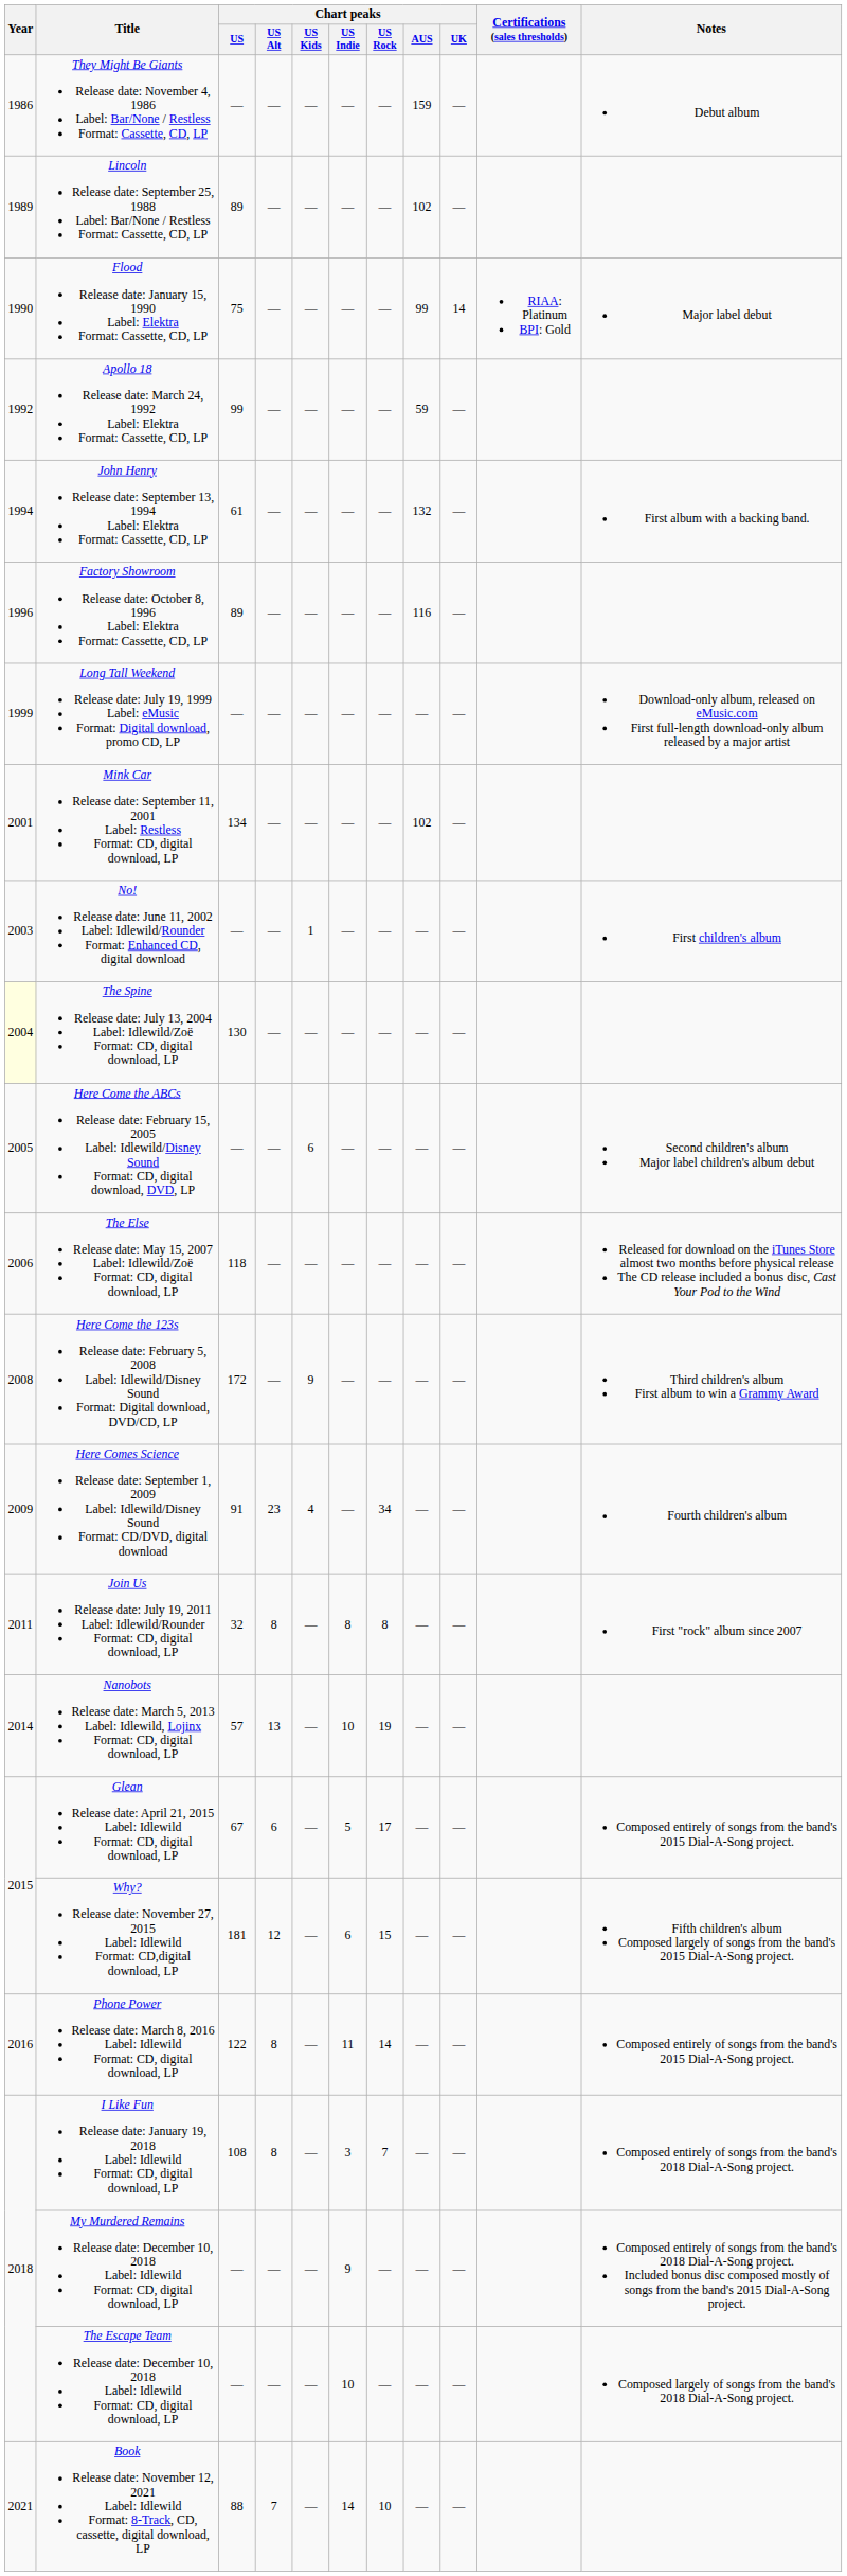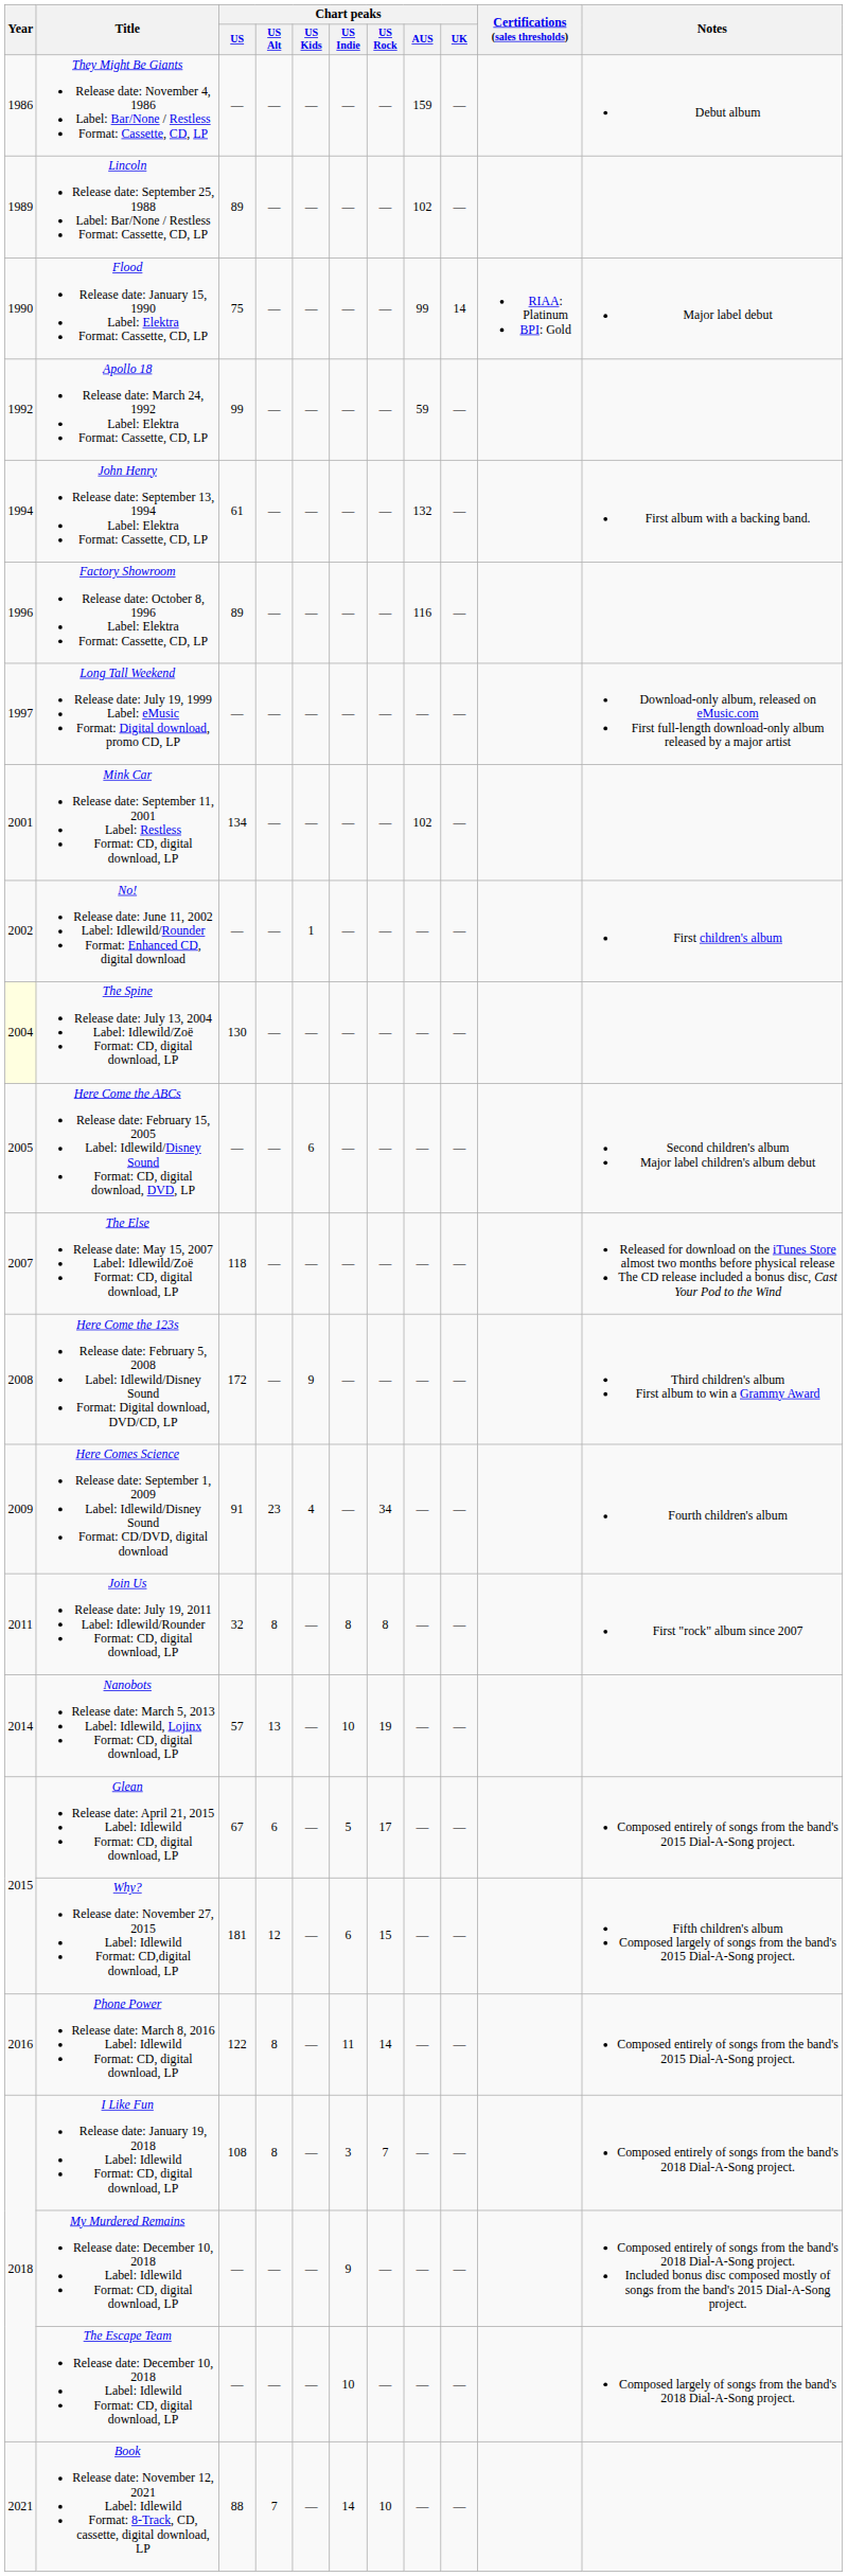 <table class="wikitable plainrowheaders" style="text-align:center;">
 <tr>
 <th rowspan="2" style="width:33px;">Year</th>
 <th rowspan="2" style="width:225px;">Title</th>
 <th colspan="7">Chart peaks</th>
 <th rowspan="2" style="width:125px;"><a href='#'>Certifications</a><br><small>(<a href='#'>sales thresholds</a>)</small></th>
 <th style="width:325px;" rowspan="2">Notes</th>
 </tr>
 <tr>
 <th style="width:3em;font-size:85%;"><a href='#'>US</a><br></th>
 <th style="width:3em;font-size:85%;"><a href='#'>US<br>Alt</a><br></th>
 <th style="width:3em;font-size:85%;"><a href='#'>US Kids</a><br></th>
 <th style="width:3em;font-size:85%;"><a href='#'>US Indie</a><br></th>
 <th style="width:3em;font-size:85%;"><a href='#'>US<br>Rock</a><br></th>
 <th style="width:3em;font-size:85%;"><a href='#'>AUS</a><br></th>
 <th style="width:3em;font-size:85%;"><a href='#'>UK</a><br></th>
 </tr>
 <tr>
 <td style="text-align:center;">1986</td>
 <td><em><a href='#'>They Might Be Giants</a></em><br><ul><li>Release date: November 4, 1986</li><li>Label: <a href='#'>Bar/None</a> / <a href='#'>Restless</a></li><li>Format: <a href='#'>Cassette</a>, <a href='#'>CD</a>, <a href='#'>LP</a></li></ul></td>
 <td style="text-align:center;">—</td>
 <td style="text-align:center;">—</td>
 <td style="text-align:center;">—</td>
 <td style="text-align:center;">—</td>
 <td style="text-align:center;">—</td>
 <td style="text-align:center;">159</td>
 <td style="text-align:center;">—</td>
 <td></td>
 <td><br><ul><li>Debut album</li></ul></td>
 </tr>
 <tr>
 <td style="text-align:center;">1989</td>
 <td><em><a href='#'>Lincoln</a></em><br><ul><li>Release date: September 25, 1988</li><li>Label: Bar/None / Restless</li><li>Format: Cassette, CD, LP</li></ul></td>
 <td style="text-align:center;">89</td>
 <td style="text-align:center;">—</td>
 <td style="text-align:center;">—</td>
 <td style="text-align:center;">—</td>
 <td style="text-align:center;">—</td>
 <td style="text-align:center;">102</td>
 <td style="text-align:center;">—</td>
 <td></td>
 <td></td>
 </tr>
 <tr>
 <td style="text-align:center;">1990</td>
 <td><em><a href='#'>Flood</a></em><br><ul><li>Release date: January 15, 1990</li><li>Label: <a href='#'>Elektra</a></li><li>Format: Cassette, CD, LP</li></ul></td>
 <td style="text-align:center;">75</td>
 <td style="text-align:center;">—</td>
 <td style="text-align:center;">—</td>
 <td style="text-align:center;">—</td>
 <td style="text-align:center;">—</td>
 <td style="text-align:center;">99</td>
 <td style="text-align:center;">14</td>
 <td><br><ul><li><a href='#'>RIAA</a>: Platinum</li><li><a href='#'>BPI</a>: Gold</li></ul></td>
 <td><br><ul><li>Major label debut</li></ul></td>
 </tr>
 <tr>
 <td style="text-align:center;">1992</td>
 <td><em><a href='#'>Apollo 18</a></em><br><ul><li>Release date: March 24, 1992</li><li>Label: Elektra</li><li>Format: Cassette, CD, LP</li></ul></td>
 <td style="text-align:center;">99</td>
 <td style="text-align:center;">—</td>
 <td style="text-align:center;">—</td>
 <td style="text-align:center;">—</td>
 <td style="text-align:center;">—</td>
 <td style="text-align:center;">59</td>
 <td style="text-align:center;">—</td>
 <td></td>
 <td></td>
 </tr>
 <tr>
 <td style="text-align:center;">1994</td>
 <td><em><a href='#'>John Henry</a></em><br><ul><li>Release date: September 13, 1994</li><li>Label: Elektra</li><li>Format: Cassette, CD, LP</li></ul></td>
 <td style="text-align:center;">61</td>
 <td style="text-align:center;">—</td>
 <td style="text-align:center;">—</td>
 <td style="text-align:center;">—</td>
 <td style="text-align:center;">—</td>
 <td style="text-align:center;">132</td>
 <td style="text-align:center;">—</td>
 <td></td>
 <td><br><ul><li>First album with a backing band.</li></ul></td>
 </tr>
 <tr>
 <td style="text-align:center;">1996</td>
 <td><em><a href='#'>Factory Showroom</a></em><br><ul><li>Release date: October 8, 1996</li><li>Label: Elektra</li><li>Format: Cassette, CD, LP</li></ul></td>
 <td style="text-align:center;">89</td>
 <td style="text-align:center;">—</td>
 <td style="text-align:center;">—</td>
 <td style="text-align:center;">—</td>
 <td style="text-align:center;">—</td>
 <td style="text-align:center;">116</td>
 <td style="text-align:center;">—</td>
 <td></td>
 <td></td>
 </tr>
 <tr>
-<td style="text-align:center;">1999</td>
+<td style="text-align:center;">1997</td>
 <td><em><a href='#'>Long Tall Weekend</a></em><br><ul><li>Release date: July 19, 1999</li><li>Label: <a href='#'>eMusic</a></li><li>Format: <a href='#'>Digital download</a>, promo CD, LP</li></ul></td>
 <td style="text-align:center;">—</td>
 <td style="text-align:center;">—</td>
 <td style="text-align:center;">—</td>
 <td style="text-align:center;">—</td>
 <td style="text-align:center;">—</td>
 <td style="text-align:center;">—</td>
 <td style="text-align:center;">—</td>
 <td></td>
 <td><br><ul><li>Download-only album, released on <a href='#'>eMusic.com</a></li><li>First full-length download-only album released by a major artist</li></ul></td>
 </tr>
 <tr>
 <td style="text-align:center;">2001</td>
 <td><em><a href='#'>Mink Car</a></em><br><ul><li>Release date: September 11, 2001</li><li>Label: <a href='#'>Restless</a></li><li>Format: CD, digital download, LP</li></ul></td>
 <td style="text-align:center;">134</td>
 <td style="text-align:center;">—</td>
 <td style="text-align:center;">—</td>
 <td style="text-align:center;">—</td>
 <td style="text-align:center;">—</td>
 <td style="text-align:center;">102</td>
 <td style="text-align:center;">—</td>
 <td></td>
 <td></td>
 </tr>
 <tr>
-<td style="text-align:center;">2003</td>
+<td style="text-align:center;">2002</td>
 <td><em><a href='#'>No!</a></em><br><ul><li>Release date: June 11, 2002</li><li>Label: Idlewild/<a href='#'>Rounder</a></li><li>Format: <a href='#'>Enhanced CD</a>, digital download</li></ul></td>
 <td style="text-align:center;">—</td>
 <td style="text-align:center;">—</td>
 <td style="text-align:center;">1</td>
 <td style="text-align:center;">—</td>
 <td style="text-align:center;">—</td>
 <td style="text-align:center;">—</td>
 <td style="text-align:center;">—</td>
 <td></td>
 <td><br><ul><li>First <a href='#'>children's album</a></li></ul></td>
 </tr>
 <tr>
 <td style="background: lightyellow; text-align:center;">2004</td>
 <td><em><a href='#'>The Spine</a></em><br><ul><li>Release date: July 13, 2004</li><li>Label: Idlewild/Zoë</li><li>Format: CD, digital download, LP</li></ul></td>
 <td style="text-align:center;">130</td>
 <td style="text-align:center;">—</td>
 <td style="text-align:center;">—</td>
 <td style="text-align:center;">—</td>
 <td style="text-align:center;">—</td>
 <td style="text-align:center;">—</td>
 <td style="text-align:center;">—</td>
 <td></td>
 <td></td>
 </tr>
 <tr>
 <td style="text-align:center;">2005</td>
 <td><em><a href='#'>Here Come the ABCs</a></em><br><ul><li>Release date: February 15, 2005</li><li>Label: Idlewild/<a href='#'>Disney Sound</a></li><li>Format: CD, digital download, <a href='#'>DVD</a>, LP</li></ul></td>
 <td style="text-align:center;">—</td>
 <td style="text-align:center;">—</td>
 <td style="text-align:center;">6</td>
 <td style="text-align:center;">—</td>
 <td style="text-align:center;">—</td>
 <td style="text-align:center;">—</td>
 <td style="text-align:center;">—</td>
 <td></td>
 <td><br><ul><li>Second children's album</li><li>Major label children's album debut</li></ul></td>
 </tr>
 <tr>
-<td style="text-align:center;">2006</td>
+<td style="text-align:center;">2007</td>
 <td><em><a href='#'>The Else</a></em><br><ul><li>Release date: May 15, 2007</li><li>Label: Idlewild/Zoë</li><li>Format: CD, digital download, LP</li></ul></td>
 <td style="text-align:center;">118</td>
 <td style="text-align:center;">—</td>
 <td style="text-align:center;">—</td>
 <td style="text-align:center;">—</td>
 <td style="text-align:center;">—</td>
 <td style="text-align:center;">—</td>
 <td style="text-align:center;">—</td>
 <td></td>
 <td><br><ul><li>Released for download on the <a href='#'>iTunes Store</a> almost two months before physical release</li><li>The CD release included a bonus disc, <em>Cast Your Pod to the Wind</em></li></ul></td>
 </tr>
 <tr>
 <td style="text-align:center;">2008</td>
 <td><em><a href='#'>Here Come the 123s</a></em><br><ul><li>Release date: February 5, 2008</li><li>Label: Idlewild/Disney Sound</li><li>Format: Digital download, DVD/CD, LP</li></ul></td>
 <td style="text-align:center;">172</td>
 <td style="text-align:center;">—</td>
 <td style="text-align:center;">9</td>
 <td style="text-align:center;">—</td>
 <td style="text-align:center;">—</td>
 <td style="text-align:center;">—</td>
 <td style="text-align:center;">—</td>
 <td></td>
 <td><br><ul><li>Third children's album</li><li>First album to win a <a href='#'>Grammy Award</a></li></ul></td>
 </tr>
 <tr>
 <td style="text-align:center;">2009</td>
 <td><em><a href='#'>Here Comes Science</a></em><br><ul><li>Release date: September 1, 2009</li><li>Label: Idlewild/Disney Sound</li><li>Format: CD/DVD, digital download</li></ul></td>
 <td style="text-align:center;">91</td>
 <td style="text-align:center;">23</td>
 <td style="text-align:center;">4</td>
 <td style="text-align:center;">—</td>
 <td style="text-align:center;">34</td>
 <td style="text-align:center;">—</td>
 <td style="text-align:center;">—</td>
 <td></td>
 <td><br><ul><li>Fourth children's album</li></ul></td>
 </tr>
 <tr>
 <td style="text-align:center;">2011</td>
 <td><em><a href='#'>Join Us</a></em><br><ul><li>Release date: July 19, 2011</li><li>Label: Idlewild/Rounder</li><li>Format: CD, digital download, LP</li></ul></td>
 <td style="text-align:center;">32</td>
 <td style="text-align:center;">8</td>
 <td style="text-align:center;">—</td>
 <td style="text-align:center;">8</td>
 <td style="text-align:center;">8</td>
 <td style="text-align:center;">—</td>
 <td style="text-align:center;">—</td>
 <td></td>
 <td><br><ul><li>First "rock" album since 2007</li></ul></td>
 </tr>
 <tr>
 <td style="text-align:center;">2014</td>
 <td><em><a href='#'>Nanobots</a></em><br><ul><li>Release date: March 5, 2013</li><li>Label: Idlewild, <a href='#'>Lojinx</a></li><li>Format: CD, digital download, LP</li></ul></td>
 <td style="text-align:center;">57</td>
 <td style="text-align:center;">13</td>
 <td style="text-align:center;">—</td>
 <td style="text-align:center;">10</td>
 <td style="text-align:center;">19</td>
 <td style="text-align:center;">—</td>
 <td style="text-align:center;">—</td>
 <td></td>
 <td></td>
 </tr>
 <tr>
 <td style="text-align:center;" rowspan="2">2015</td>
 <td><em><a href='#'>Glean</a></em><br><ul><li>Release date: April 21, 2015</li><li>Label: Idlewild</li><li>Format: CD, digital download, LP</li></ul></td>
 <td style="text-align:center;">67</td>
 <td style="text-align:center;">6</td>
 <td style="text-align:center;">—</td>
 <td style="text-align:center;">5</td>
 <td style="text-align:center;">17</td>
 <td style="text-align:center;">—</td>
 <td style="text-align:center;">—</td>
 <td></td>
 <td><br><ul><li>Composed entirely of songs from the band's 2015 Dial-A-Song project.</li></ul></td>
 </tr>
 <tr>
 <td><em><a href='#'>Why?</a></em><br><ul><li>Release date: November 27, 2015</li><li>Label: Idlewild</li><li>Format: CD,digital download, LP</li></ul></td>
 <td style="text-align:center;">181</td>
 <td style="text-align:center;">12</td>
 <td style="text-align:center;">—</td>
 <td style="text-align:center;">6</td>
 <td style="text-align:center;">15</td>
 <td style="text-align:center;">—</td>
 <td style="text-align:center;">—</td>
 <td></td>
 <td><br><ul><li>Fifth children's album</li><li>Composed largely of songs from the band's 2015 Dial-A-Song project.</li></ul></td>
 </tr>
 <tr>
 <td style="text-align:center;">2016</td>
 <td><em><a href='#'>Phone Power</a></em><br><ul><li>Release date: March 8, 2016</li><li>Label: Idlewild</li><li>Format: CD, digital download, LP</li></ul></td>
 <td style="text-align:center;">122</td>
 <td style="text-align:center;">8</td>
 <td style="text-align:center;">—</td>
 <td style="text-align:center;">11</td>
 <td style="text-align:center;">14</td>
 <td style="text-align:center;">—</td>
 <td style="text-align:center;">—</td>
 <td></td>
 <td><br><ul><li>Composed entirely of songs from the band's 2015 Dial-A-Song project.</li></ul></td>
 </tr>
 <tr>
 <td style="text-align:center;" rowspan="3">2018</td>
 <td><em><a href='#'>I Like Fun</a></em><br><ul><li>Release date: January 19, 2018</li><li>Label: Idlewild</li><li>Format: CD, digital download, LP</li></ul></td>
 <td style="text-align:center;">108</td>
 <td style="text-align:center;">8</td>
 <td style="text-align:center;">—</td>
 <td style="text-align:center;">3</td>
 <td style="text-align:center;">7</td>
 <td style="text-align:center;">—</td>
 <td style="text-align:center;">—</td>
 <td></td>
 <td><br><ul><li>Composed entirely of songs from the band's 2018 Dial-A-Song project.</li></ul></td>
 </tr>
 <tr>
 <td><em><a href='#'>My Murdered Remains</a></em><br><ul><li>Release date: December 10, 2018</li><li>Label: Idlewild</li><li>Format: CD, digital download, LP</li></ul></td>
 <td style="text-align:center;">—</td>
 <td style="text-align:center;">—</td>
 <td style="text-align:center;">—</td>
 <td style="text-align:center;">9</td>
 <td style="text-align:center;">—</td>
 <td style="text-align:center;">—</td>
 <td style="text-align:center;">—</td>
 <td></td>
 <td><br><ul><li>Composed entirely of songs from the band's 2018 Dial-A-Song project.</li><li>Included bonus disc composed mostly of songs from the band's 2015 Dial-A-Song project.</li></ul></td>
 </tr>
 <tr>
 <td><em><a href='#'>The Escape Team</a></em><br><ul><li>Release date: December 10, 2018</li><li>Label: Idlewild</li><li>Format: CD, digital download, LP</li></ul></td>
 <td style="text-align:center;">—</td>
 <td style="text-align:center;">—</td>
 <td style="text-align:center;">—</td>
 <td style="text-align:center;">10</td>
 <td style="text-align:center;">—</td>
 <td style="text-align:center;">—</td>
 <td style="text-align:center;">—</td>
 <td></td>
 <td><br><ul><li>Composed largely of songs from the band's 2018 Dial-A-Song project.</li></ul></td>
 </tr>
 <tr>
 <td style="text-align:center;">2021</td>
 <td><em> <a href='#'>Book</a></em><br><ul><li>Release date: November 12, 2021</li><li>Label: Idlewild</li><li>Format: <a href='#'>8-Track</a>, CD, cassette, digital download, LP</li></ul></td>
 <td style="text-align:center;">88</td>
 <td style="text-align:center;">7</td>
 <td style="text-align:center;">—</td>
 <td style="text-align:center;">14</td>
 <td style="text-align:center;">10</td>
 <td style="text-align:center;">—</td>
 <td style="text-align:center;">—</td>
 <td></td>
 <td></td>
 </tr>
 </table>
